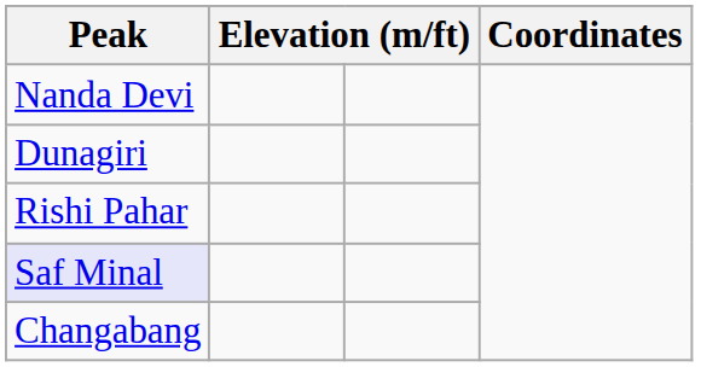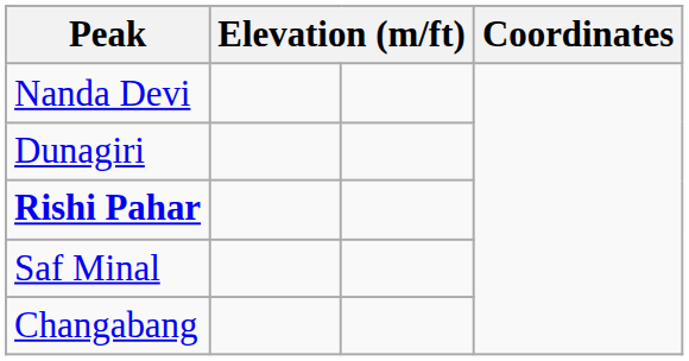 <table class="wikitable sortable">
 <tr>
 <th>Peak</th>
 <th colspan=2>Elevation (m/ft)</th>
 <th>Coordinates</th>
 </tr>
 <tr>
 <td><a href='#'>Nanda Devi</a></td>
 <td></td>
 <td></td>
 </tr>
 <tr>
 <td><a href='#'>Dunagiri</a></td>
 <td></td>
 <td></td>
 </tr>
 <tr>
-<td><a href='#'>Rishi Pahar</a></td>
+<td><strong><a href='#'>Rishi Pahar</a></strong></td>
 <td></td>
 <td></td>
 </tr>
 <tr>
-<td style="background: lavender;"><a href='#'>Saf Minal</a></td>
+<td><a href='#'>Saf Minal</a></td>
 <td></td>
 <td></td>
 </tr>
 <tr>
 <td><a href='#'>Changabang</a></td>
 <td></td>
 <td></td>
 </tr>
 </table>
